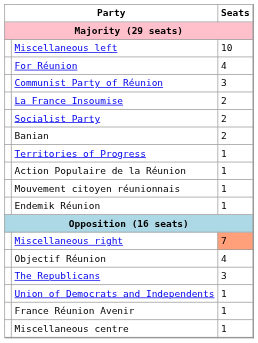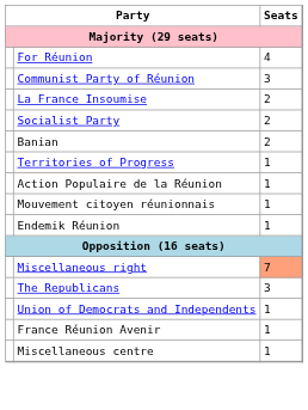 <table align="center" rules="all" cellpadding="4" cellspacing="0" style="margin-top: 1em; border: 1px solid #999; border-right: 2px solid #999; border-bottom: 2px solid #999">
 <tr>
 <th colspan="2">Party</th>
 <th>Seats</th>
 </tr>
 <tr>
 <th colspan="3" align="center" bgcolor="pink">Majority (29 seats)</th>
-</tr>
-<tr>
-<th style="background-color: "></th>
-<td><a href='#'>Miscellaneous left</a></td>
-<td>10</td>
 </tr>
 <tr>
 <th style="background-color: "></th>
 <td><a href='#'>For Réunion</a></td>
 <td>4</td>
 </tr>
 <tr>
 <th style="background-color: "></th>
 <td><a href='#'>Communist Party of Réunion</a></td>
 <td>3</td>
 </tr>
 <tr>
 <th style="background-color: "></th>
 <td><a href='#'>La France Insoumise</a></td>
 <td>2</td>
 </tr>
 <tr>
 <th style="background-color: "></th>
 <td><a href='#'>Socialist Party</a></td>
 <td>2</td>
 </tr>
 <tr>
 <th style="background-color: "></th>
 <td>Banian</td>
 <td>2</td>
 </tr>
 <tr>
 <th style="background-color: "></th>
 <td><a href='#'>Territories of Progress</a></td>
 <td>1</td>
 </tr>
 <tr>
 <th style="background-color: "></th>
 <td>Action Populaire de la Réunion</td>
 <td>1</td>
 </tr>
 <tr>
 <th style="background-color: "></th>
 <td>Mouvement citoyen réunionnais</td>
 <td>1</td>
 </tr>
 <tr>
 <th style="background-color: "></th>
 <td>Endemik Réunion</td>
 <td>1</td>
 </tr>
 <tr>
 <th colspan="3" align="center" bgcolor="lightblue">Opposition (16 seats)</th>
 </tr>
 <tr>
 <th style="background-color: "></th>
 <td><a href='#'>Miscellaneous right</a></td>
 <td style="background: lightsalmon;">7</td>
 </tr>
 <tr>
 <th style="background-color: "></th>
-<td>Objectif Réunion</td>
-<td>4</td>
-</tr>
-<tr>
-<th style="background-color: "></th>
 <td><a href='#'>The Republicans</a></td>
 <td>3</td>
 </tr>
 <tr>
 <th style="background-color: "></th>
 <td><a href='#'>Union of Democrats and Independents</a></td>
 <td>1</td>
 </tr>
 <tr>
 <th style="background-color: "></th>
 <td>France Réunion Avenir</td>
 <td>1</td>
 </tr>
 <tr>
 <th style="background-color: "></th>
 <td>Miscellaneous centre</td>
 <td>1</td>
 </tr>
 </table>
